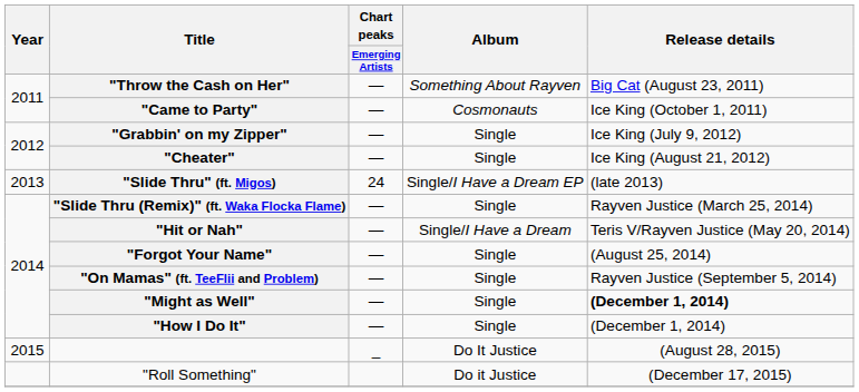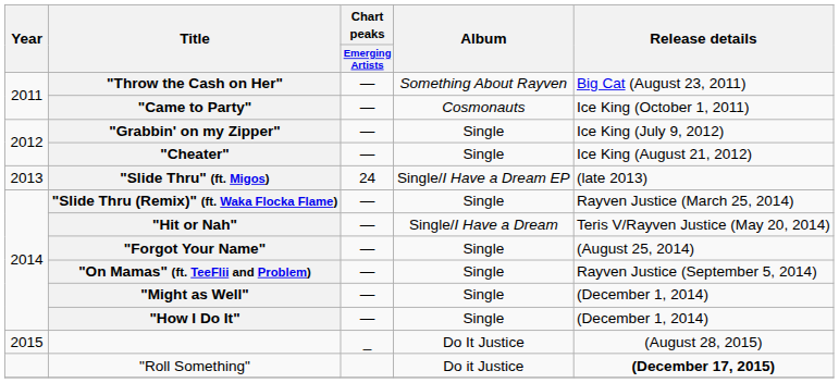 <table class="wikitable plainrowheaders" style="text-align:center;">
 <tr>
 <th scope="col" rowspan="2" style="width:2.5em;">Year</th>
 <th scope="col" rowspan="2">Title</th>
 <th scope="col" colspan="1"><small>Chart peaks</small></th>
 <th scope="col" rowspan="2">Album</th>
 <th scope="col" rowspan="2">Release details</th>
 </tr>
 <tr>
 <th style="width:2em;font-size:70%;"><a href='#'>Emerging<br>Artists</a></th>
 </tr>
 <tr>
 <td rowspan="2">2011</td>
 <th scope="row">"Throw the Cash on Her"</th>
 <td>—</td>
 <td><em>Something About Rayven</em></td>
 <td align=left><a href='#'>Big Cat</a> (August 23, 2011)</td>
 </tr>
 <tr>
 <th scope="row">"Came to Party"</th>
 <td>—</td>
 <td><em>Cosmonauts</em></td>
 <td align=left>Ice King (October 1, 2011)</td>
 </tr>
 <tr>
 <td rowspan="2">2012</td>
 <th scope="row">"Grabbin' on my Zipper"</th>
 <td>—</td>
 <td>Single</td>
 <td align=left>Ice King (July 9, 2012)</td>
 </tr>
 <tr>
 <th scope="row">"Cheater"</th>
 <td>—</td>
 <td>Single</td>
 <td align=left>Ice King (August 21, 2012)</td>
 </tr>
 <tr>
 <td rowspan="1">2013</td>
 <th scope="row">"Slide Thru" <small>(ft. <a href='#'>Migos</a>)</small></th>
 <td>24</td>
 <td>Single/<em>I Have a Dream EP</em></td>
 <td align=left>(late 2013)</td>
 </tr>
 <tr>
 <td rowspan="6">2014</td>
 <th scope="row">"Slide Thru (Remix)" <small>(ft. <a href='#'>Waka Flocka Flame</a>)</small></th>
 <td>—</td>
 <td>Single</td>
 <td align=left>Rayven Justice (March 25, 2014)</td>
 </tr>
 <tr>
 <th scope="row">"Hit or Nah"</th>
 <td>—</td>
 <td>Single/<em>I Have a Dream</em></td>
 <td align=left>Teris V/Rayven Justice (May 20, 2014)</td>
 </tr>
 <tr>
 <th scope="row">"Forgot Your Name"</th>
 <td>—</td>
 <td>Single</td>
 <td align=left>(August 25, 2014)</td>
 </tr>
 <tr>
 <th scope="row">"On Mamas" <small>(ft. <a href='#'>TeeFlii</a> and <a href='#'>Problem</a>)</small></th>
 <td>—</td>
 <td>Single</td>
 <td align=left>Rayven Justice (September 5, 2014)</td>
 </tr>
 <tr>
 <th scope="row">"Might as Well"</th>
 <td>—</td>
 <td>Single</td>
-<td align=left><strong>(December 1, 2014)</strong></td>
+<td align=left>(December 1, 2014)</td>
 </tr>
 <tr>
 <th scope="row">"How I Do It"</th>
 <td>—</td>
 <td>Single</td>
 <td align=left>(December 1, 2014)</td>
 </tr>
 <tr>
 <td>2015</td>
 <td></td>
 <td>_</td>
 <td>Do It Justice</td>
 <td>(August 28, 2015)</td>
 </tr>
 <tr>
 <td></td>
 <td>"Roll Something"</td>
 <td></td>
 <td>Do it Justice</td>
-<td>(December 17, 2015)</td>
+<td><strong>(December 17, 2015)</strong></td>
 </tr>
 <tr>
 </tr>
 </table>
